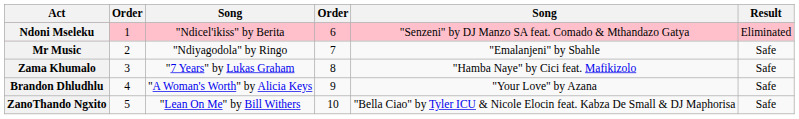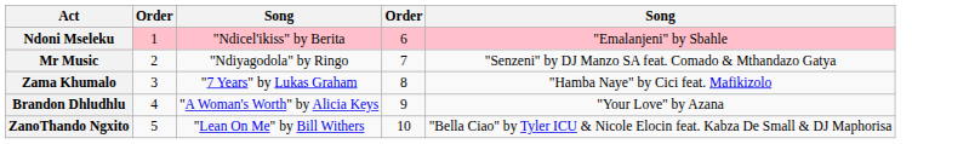 <table class="wikitable plainrowheaders" style="text-align:center;">
 <tr>
 <th scope"col">Act</th>
 <th scope"col">Order</th>
 <th scope"col">Song</th>
 <th scope"col">Order</th>
 <th scope"col">Song</th>
-<th scope"col">Result</th>
 </tr>
 <tr style="background: pink">
 <th scope=row>Ndoni Mseleku</th>
 <td>1</td>
 <td>"Ndicel'ikiss" by Berita</td>
 <td>6</td>
-<td>"Senzeni" by DJ Manzo SA feat. Comado & Mthandazo Gatya</td>
-<td>Eliminated</td>
+<td>"Emalanjeni" by Sbahle</td>
 </tr>
 <tr>
 <th scope=row>Mr Music</th>
 <td>2</td>
 <td>"Ndiyagodola" by Ringo</td>
 <td>7</td>
-<td>"Emalanjeni" by Sbahle</td>
-<td>Safe</td>
+<td>"Senzeni" by DJ Manzo SA feat. Comado & Mthandazo Gatya</td>
 </tr>
 <tr>
 <th scope=row>Zama Khumalo</th>
 <td>3</td>
 <td>"<a href='#'>7 Years</a>" by <a href='#'>Lukas Graham</a></td>
 <td>8</td>
 <td>"Hamba Naye" by Cici feat. <a href='#'>Mafikizolo</a></td>
-<td>Safe</td>
 </tr>
 <tr>
 <th scope=row>Brandon Dhludhlu</th>
 <td>4</td>
 <td>"<a href='#'>A Woman's Worth</a>" by <a href='#'>Alicia Keys</a></td>
 <td>9</td>
 <td>"Your Love" by Azana</td>
-<td>Safe</td>
 </tr>
 <tr>
 <th scope=row>ZanoThando Ngxito</th>
 <td>5</td>
 <td>"<a href='#'>Lean On Me</a>" by <a href='#'>Bill Withers</a></td>
 <td>10</td>
 <td>"Bella Ciao" by <a href='#'>Tyler ICU</a> & Nicole Elocin feat. Kabza De Small & DJ Maphorisa</td>
-<td>Safe</td>
 </tr>
 </table>
